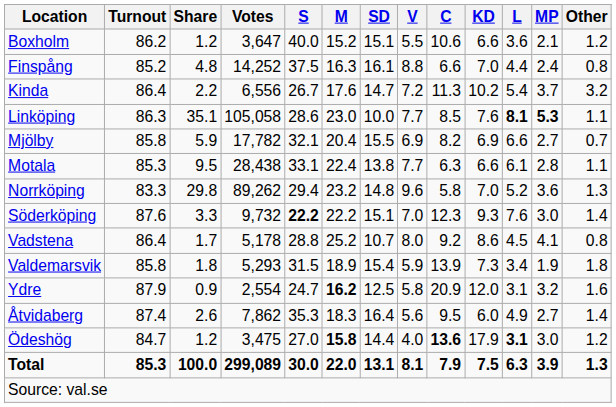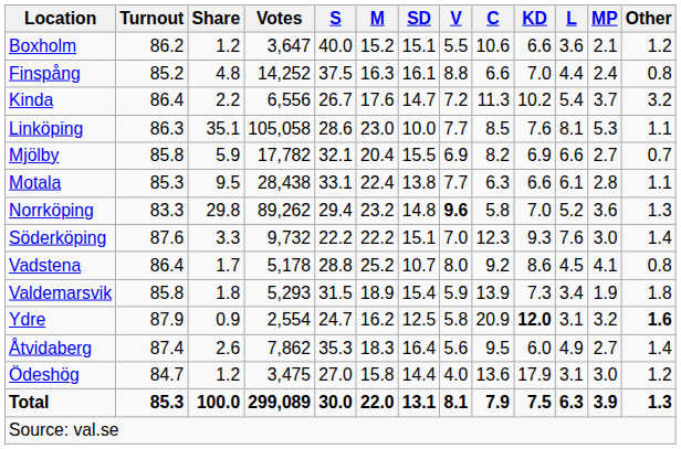 <table class="wikitable sortable" style=text-align:right>
 <tr>
 <th>Location</th>
 <th>Turnout</th>
 <th>Share</th>
 <th>Votes</th>
 <th><a href='#'>S</a></th>
 <th><a href='#'>M</a></th>
 <th><a href='#'>SD</a></th>
 <th><a href='#'>V</a></th>
 <th><a href='#'>C</a></th>
 <th><a href='#'>KD</a></th>
 <th><a href='#'>L</a></th>
 <th><a href='#'>MP</a></th>
 <th>Other</th>
 </tr>
 <tr>
 <td align=left><a href='#'>Boxholm</a></td>
 <td>86.2</td>
 <td>1.2</td>
 <td>3,647</td>
 <td>40.0</td>
 <td>15.2</td>
 <td>15.1</td>
 <td>5.5</td>
 <td>10.6</td>
 <td>6.6</td>
 <td>3.6</td>
 <td>2.1</td>
 <td>1.2</td>
 </tr>
 <tr>
 <td align=left><a href='#'>Finspång</a></td>
 <td>85.2</td>
 <td>4.8</td>
 <td>14,252</td>
 <td>37.5</td>
 <td>16.3</td>
 <td>16.1</td>
 <td>8.8</td>
 <td>6.6</td>
 <td>7.0</td>
 <td>4.4</td>
 <td>2.4</td>
 <td>0.8</td>
 </tr>
 <tr>
 <td align=left><a href='#'>Kinda</a></td>
 <td>86.4</td>
 <td>2.2</td>
 <td>6,556</td>
 <td>26.7</td>
 <td>17.6</td>
 <td>14.7</td>
 <td>7.2</td>
 <td>11.3</td>
 <td>10.2</td>
 <td>5.4</td>
 <td>3.7</td>
 <td>3.2</td>
 </tr>
 <tr>
 <td align=left><a href='#'>Linköping</a></td>
 <td>86.3</td>
 <td>35.1</td>
 <td>105,058</td>
 <td>28.6</td>
 <td>23.0</td>
 <td>10.0</td>
 <td>7.7</td>
 <td>8.5</td>
 <td>7.6</td>
-<td><strong>8.1</strong></td>
-<td><strong>5.3</strong></td>
+<td>8.1</td>
+<td>5.3</td>
 <td>1.1</td>
 </tr>
 <tr>
 <td align=left><a href='#'>Mjölby</a></td>
 <td>85.8</td>
 <td>5.9</td>
 <td>17,782</td>
 <td>32.1</td>
 <td>20.4</td>
 <td>15.5</td>
 <td>6.9</td>
 <td>8.2</td>
 <td>6.9</td>
 <td>6.6</td>
 <td>2.7</td>
 <td>0.7</td>
 </tr>
 <tr>
 <td align=left><a href='#'>Motala</a></td>
 <td>85.3</td>
 <td>9.5</td>
 <td>28,438</td>
 <td>33.1</td>
 <td>22.4</td>
 <td>13.8</td>
 <td>7.7</td>
 <td>6.3</td>
 <td>6.6</td>
 <td>6.1</td>
 <td>2.8</td>
 <td>1.1</td>
 </tr>
 <tr>
 <td align=left><a href='#'>Norrköping</a></td>
 <td>83.3</td>
 <td>29.8</td>
 <td>89,262</td>
 <td>29.4</td>
 <td>23.2</td>
 <td>14.8</td>
-<td>9.6</td>
+<td><strong>9.6</strong></td>
 <td>5.8</td>
 <td>7.0</td>
 <td>5.2</td>
 <td>3.6</td>
 <td>1.3</td>
 </tr>
 <tr>
 <td align=left><a href='#'>Söderköping</a></td>
 <td>87.6</td>
 <td>3.3</td>
 <td>9,732</td>
-<td><strong>22.2</strong></td>
+<td>22.2</td>
 <td>22.2</td>
 <td>15.1</td>
 <td>7.0</td>
 <td>12.3</td>
 <td>9.3</td>
 <td>7.6</td>
 <td>3.0</td>
 <td>1.4</td>
 </tr>
 <tr>
 <td align=left><a href='#'>Vadstena</a></td>
 <td>86.4</td>
 <td>1.7</td>
 <td>5,178</td>
 <td>28.8</td>
 <td>25.2</td>
 <td>10.7</td>
 <td>8.0</td>
 <td>9.2</td>
 <td>8.6</td>
 <td>4.5</td>
 <td>4.1</td>
 <td>0.8</td>
 </tr>
 <tr>
 <td align=left><a href='#'>Valdemarsvik</a></td>
 <td>85.8</td>
 <td>1.8</td>
 <td>5,293</td>
 <td>31.5</td>
 <td>18.9</td>
 <td>15.4</td>
 <td>5.9</td>
 <td>13.9</td>
 <td>7.3</td>
 <td>3.4</td>
 <td>1.9</td>
 <td>1.8</td>
 </tr>
 <tr>
 <td align=left><a href='#'>Ydre</a></td>
 <td>87.9</td>
 <td>0.9</td>
 <td>2,554</td>
 <td>24.7</td>
-<td><strong>16.2</strong></td>
+<td>16.2</td>
 <td>12.5</td>
 <td>5.8</td>
 <td>20.9</td>
-<td>12.0</td>
+<td><strong>12.0</strong></td>
 <td>3.1</td>
 <td>3.2</td>
-<td>1.6</td>
+<td><strong>1.6</strong></td>
 </tr>
 <tr>
 <td align=left><a href='#'>Åtvidaberg</a></td>
 <td>87.4</td>
 <td>2.6</td>
 <td>7,862</td>
 <td>35.3</td>
 <td>18.3</td>
 <td>16.4</td>
 <td>5.6</td>
 <td>9.5</td>
 <td>6.0</td>
 <td>4.9</td>
 <td>2.7</td>
 <td>1.4</td>
 </tr>
 <tr>
 <td align=left><a href='#'>Ödeshög</a></td>
 <td>84.7</td>
 <td>1.2</td>
 <td>3,475</td>
 <td>27.0</td>
-<td><strong>15.8</strong></td>
+<td>15.8</td>
 <td>14.4</td>
 <td>4.0</td>
-<td><strong>13.6</strong></td>
+<td>13.6</td>
 <td>17.9</td>
-<td><strong>3.1</strong></td>
+<td>3.1</td>
 <td>3.0</td>
 <td>1.2</td>
 </tr>
 <tr>
 <td align=left><strong>Total</strong></td>
 <td><strong>85.3</strong></td>
 <td><strong>100.0</strong></td>
 <td><strong>299,089</strong></td>
 <td><strong>30.0</strong></td>
 <td><strong>22.0</strong></td>
 <td><strong>13.1</strong></td>
 <td><strong>8.1</strong></td>
 <td><strong>7.9</strong></td>
 <td><strong>7.5</strong></td>
 <td><strong>6.3</strong></td>
 <td><strong>3.9</strong></td>
 <td><strong>1.3</strong></td>
 </tr>
 <tr>
 <td align=left colspan=13>Source: val.se</td>
 </tr>
 </table>
